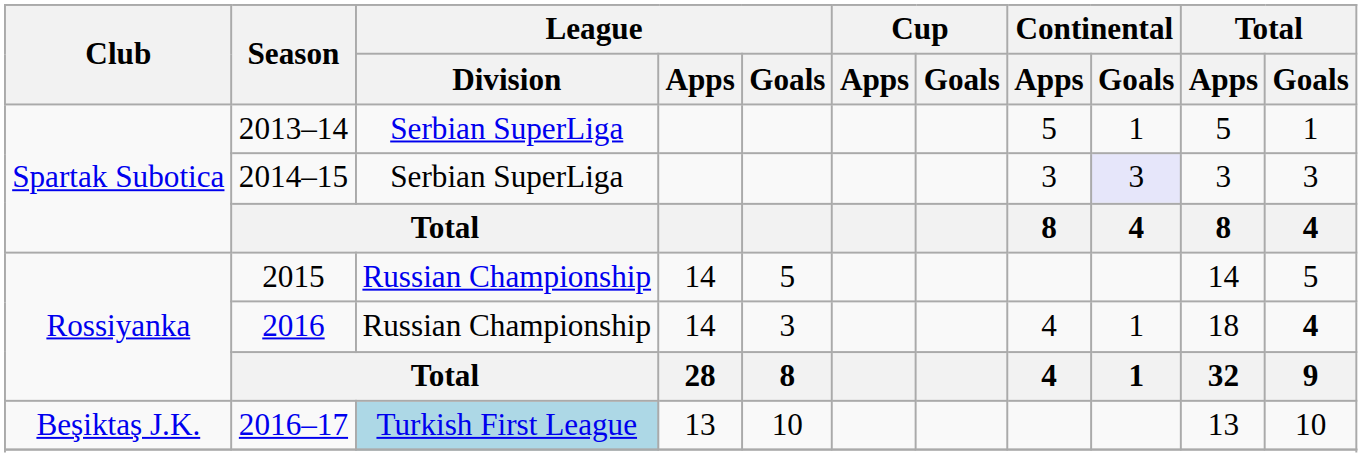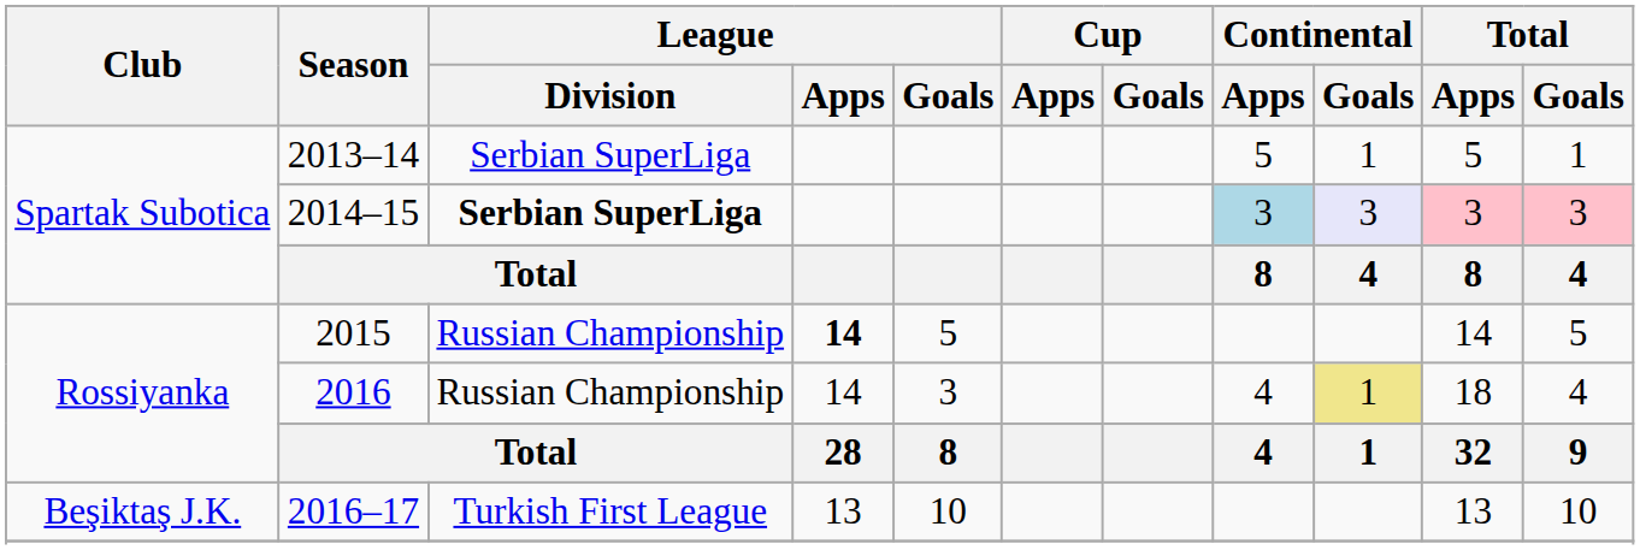 <table class="wikitable" style="text-align: center;">
 <tr>
 <th rowspan=2>Club</th>
 <th rowspan=2>Season</th>
 <th colspan=3>League</th>
 <th colspan=2>Cup</th>
 <th colspan=2>Continental</th>
 <th colspan=2>Total</th>
 </tr>
 <tr>
 <th>Division</th>
 <th>Apps</th>
 <th>Goals</th>
 <th>Apps</th>
 <th>Goals</th>
 <th>Apps</th>
 <th>Goals</th>
 <th>Apps</th>
 <th>Goals</th>
 </tr>
 <tr>
 <td rowspan=3><a href='#'>Spartak Subotica</a></td>
 <td>2013–14</td>
 <td><a href='#'>Serbian SuperLiga</a></td>
 <td></td>
 <td></td>
 <td></td>
 <td></td>
 <td>5</td>
 <td>1</td>
 <td>5</td>
 <td>1</td>
 </tr>
 <tr>
 <td>2014–15</td>
-<td>Serbian SuperLiga</td>
+<td><strong>Serbian SuperLiga</strong></td>
 <td></td>
 <td></td>
 <td></td>
 <td></td>
-<td>3</td>
+<td style="background: lightblue;">3</td>
 <td style="background: lavender;">3</td>
-<td>3</td>
-<td>3</td>
+<td style="background: pink;">3</td>
+<td style="background: pink;">3</td>
 </tr>
 <tr>
 <th colspan=2>Total</th>
 <th></th>
 <th></th>
 <th></th>
 <th></th>
 <th>8</th>
 <th>4</th>
 <th>8</th>
 <th>4</th>
 </tr>
 <tr>
 <td rowspan=3><a href='#'>Rossiyanka</a></td>
 <td>2015</td>
 <td><a href='#'>Russian Championship</a></td>
-<td>14</td>
+<td><strong>14</strong></td>
 <td>5</td>
 <td></td>
 <td></td>
 <td></td>
 <td></td>
 <td>14</td>
 <td>5</td>
 </tr>
 <tr>
 <td><a href='#'>2016</a></td>
 <td>Russian Championship</td>
 <td>14</td>
 <td>3</td>
 <td></td>
 <td></td>
 <td>4</td>
-<td>1</td>
+<td style="background: khaki;">1</td>
 <td>18</td>
-<td><strong>4</strong></td>
+<td>4</td>
 </tr>
 <tr>
 <th colspan=2>Total</th>
 <th>28</th>
 <th>8</th>
 <th></th>
 <th></th>
 <th>4</th>
 <th>1</th>
 <th>32</th>
 <th>9</th>
 </tr>
 <tr>
 <td><a href='#'>Beşiktaş J.K.</a></td>
 <td><a href='#'>2016–17</a></td>
-<td style="background: lightblue;"><a href='#'>Turkish First League</a></td>
+<td><a href='#'>Turkish First League</a></td>
 <td>13</td>
 <td>10</td>
 <td></td>
 <td></td>
 <td></td>
 <td></td>
 <td>13</td>
 <td>10</td>
 </tr>
 <tr>
 </tr>
 <tr>
 </tr>
 </table>
